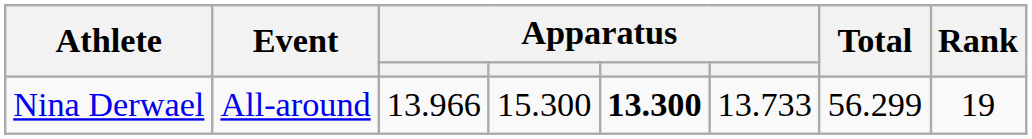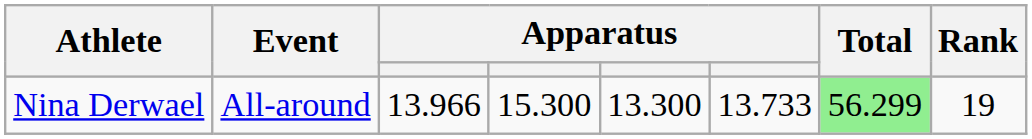 <table class="wikitable" style="font-size:90%">
 <tr>
 <th rowspan=2>Athlete</th>
 <th rowspan=2>Event</th>
 <th colspan=4>Apparatus</th>
 <th rowspan=2>Total</th>
 <th rowspan=2>Rank</th>
 </tr>
 <tr style="font-size:95%">
 <th></th>
 <th></th>
 <th></th>
 <th></th>
 </tr>
 <tr align=center>
 <td align=left><a href='#'>Nina Derwael</a></td>
 <td align=left><a href='#'>All-around</a></td>
 <td>13.966</td>
 <td>15.300</td>
-<td><strong>13.300</strong></td>
+<td>13.300</td>
 <td>13.733</td>
-<td>56.299</td>
+<td style="background: lightgreen;">56.299</td>
 <td>19</td>
 </tr>
 </table>
